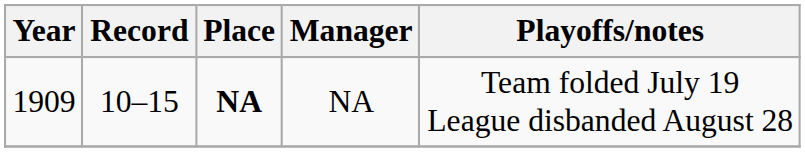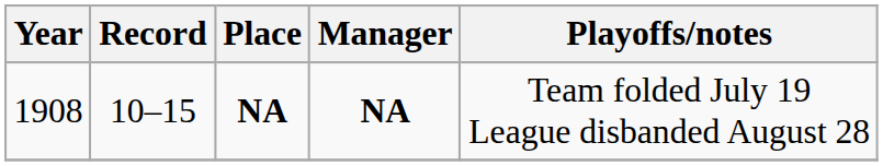 <table class="wikitable" style="text-align:center; font-size: 95%;">
 <tr>
 <th>Year</th>
 <th>Record</th>
 <th>Place</th>
 <th>Manager</th>
 <th>Playoffs/notes</th>
 </tr>
 <tr align=center>
-<td>1909</td>
+<td>1908</td>
 <td>10–15</td>
 <td><strong>NA</strong></td>
-<td>NA</td>
+<td><strong>NA</strong></td>
 <td>Team folded July 19<br>League disbanded August 28</td>
 </tr>
 <tr align=center>
 </tr>
 </table>
